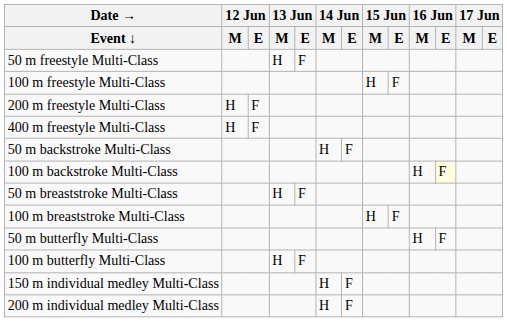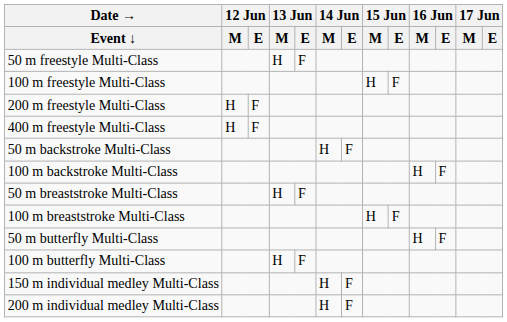 <table class="wikitable swimming-schedule" style="flex:min-content 1 0">
 <tr>
 <th>Date →</th>
 <th colspan=2>12 Jun</th>
 <th colspan=2>13 Jun</th>
 <th colspan=2>14 Jun</th>
 <th colspan=2>15 Jun</th>
 <th colspan=2>16 Jun</th>
 <th colspan=2>17 Jun</th>
 </tr>
 <tr>
 <th>Event ↓</th>
 <th>M</th>
 <th>E</th>
 <th>M</th>
 <th>E</th>
 <th>M</th>
 <th>E</th>
 <th>M</th>
 <th>E</th>
 <th>M</th>
 <th>E</th>
 <th>M</th>
 <th>E</th>
 </tr>
 <tr>
 <td class=event>50 m freestyle Multi-Class</td>
 <td colspan=2></td>
 <td class=heats>H</td>
 <td class=final>F</td>
 <td colspan=2></td>
 <td colspan=2></td>
 <td colspan=2></td>
 <td colspan=2></td>
 </tr>
 <tr>
 <td class=event>100 m freestyle Multi-Class</td>
 <td colspan=2></td>
 <td colspan=2></td>
 <td colspan=2></td>
 <td class=heats>H</td>
 <td class=final>F</td>
 <td colspan=2></td>
 <td colspan=2></td>
 </tr>
 <tr>
 <td class=event>200 m freestyle Multi-Class</td>
 <td class=heats>H</td>
 <td class=final>F</td>
 <td colspan=2></td>
 <td colspan=2></td>
 <td colspan=2></td>
 <td colspan=2></td>
 <td colspan=2></td>
 </tr>
 <tr>
 <td class=event>400 m freestyle Multi-Class</td>
 <td class=heats>H</td>
 <td class=final>F</td>
 <td colspan=2></td>
 <td colspan=2></td>
 <td colspan=2></td>
 <td colspan=2></td>
 <td colspan=2></td>
 </tr>
 <tr>
 <td class=event>50 m backstroke Multi-Class</td>
 <td colspan=2></td>
 <td colspan=2></td>
 <td class=heats>H</td>
 <td class=final>F</td>
 <td colspan=2></td>
 <td colspan=2></td>
 <td colspan=2></td>
 </tr>
 <tr>
 <td class=event>100 m backstroke Multi-Class</td>
 <td colspan=2></td>
 <td colspan=2></td>
 <td colspan=2></td>
 <td colspan=2></td>
 <td class=heats>H</td>
-<td class=final style="background: lightyellow;">F</td>
+<td class=final>F</td>
 <td colspan=2></td>
 </tr>
 <tr>
 <td class=event>50 m breaststroke Multi-Class</td>
 <td colspan=2></td>
 <td class=heats>H</td>
 <td class=final>F</td>
 <td colspan=2></td>
 <td colspan=2></td>
 <td colspan=2></td>
 <td colspan=2></td>
 </tr>
 <tr>
 <td class=event>100 m breaststroke Multi-Class</td>
 <td colspan=2></td>
 <td colspan=2></td>
 <td colspan=2></td>
 <td class=heats>H</td>
 <td class=final>F</td>
 <td colspan=2></td>
 <td colspan=2></td>
 </tr>
 <tr>
 <td class=event>50 m butterfly Multi-Class</td>
 <td colspan=2></td>
 <td colspan=2></td>
 <td colspan=2></td>
 <td colspan=2></td>
 <td class=heats>H</td>
 <td class=final>F</td>
 <td colspan=2></td>
 </tr>
 <tr>
 <td class=event>100 m butterfly Multi-Class</td>
 <td colspan=2></td>
 <td class=heats>H</td>
 <td class=final>F</td>
 <td colspan=2></td>
 <td colspan=2></td>
 <td colspan=2></td>
 <td colspan=2></td>
 </tr>
 <tr>
 <td class=event>150 m individual medley Multi-Class</td>
 <td colspan=2></td>
 <td colspan=2></td>
 <td class=heats>H</td>
 <td class=final>F</td>
 <td colspan=2></td>
 <td colspan=2></td>
 <td colspan=2></td>
 </tr>
 <tr>
 <td class=event>200 m individual medley Multi-Class</td>
 <td colspan=2></td>
 <td colspan=2></td>
 <td class=heats>H</td>
 <td class=final>F</td>
 <td colspan=2></td>
 <td colspan=2></td>
 <td colspan=2></td>
 </tr>
 </table>
